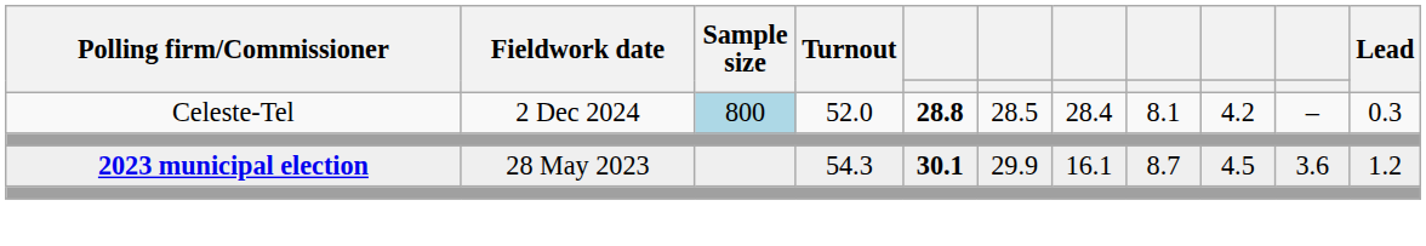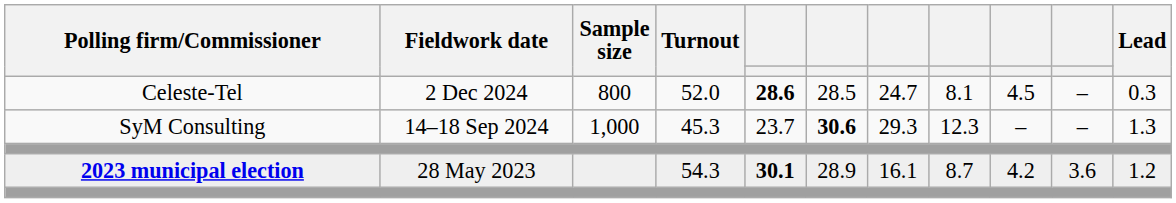 <table class="wikitable collapsible collapsed" style="text-align:center; font-size:95%; line-height:16px;">
 <tr style="height:42px;">
 <th style="width:250px;" rowspan="2">Polling firm/Commissioner</th>
 <th style="width:125px;" rowspan="2">Fieldwork date</th>
 <th style="width:50px;" rowspan="2">Sample size</th>
 <th style="width:45px;" rowspan="2">Turnout</th>
 <th style="width:35px;"></th>
 <th style="width:35px;"></th>
 <th style="width:35px;"></th>
 <th style="width:35px;"></th>
 <th style="width:35px;"></th>
 <th style="width:35px;"></th>
 <th style="width:30px;" rowspan="2">Lead</th>
 </tr>
 <tr>
 <th style="color:inherit;background:"></th>
 <th style="color:inherit;background:"></th>
 <th style="color:inherit;background:"></th>
 <th style="color:inherit;background:"></th>
 <th style="color:inherit;background:"></th>
 <th style="color:inherit;background:"></th>
 </tr>
 <tr>
 <td>Celeste-Tel</td>
 <td>2 Dec 2024</td>
-<td style="background: lightblue;">800</td>
+<td>800</td>
 <td>52.0</td>
-<td><strong>28.8</strong><br></td>
+<td><strong>28.6</strong><br></td>
 <td>28.5<br></td>
-<td>28.4<br></td>
+<td>24.7<br></td>
 <td>8.1<br></td>
-<td>4.2<br></td>
+<td>4.5<br></td>
 <td>–</td>
 <td style="background:">0.3</td>
+</tr>
+<tr>
+<td>SyM Consulting</td>
+<td>14–18 Sep 2024</td>
+<td>1,000</td>
+<td>45.3</td>
+<td>23.7<br></td>
+<td><strong>30.6</strong><br></td>
+<td>29.3<br></td>
+<td>12.3<br></td>
+<td>–</td>
+<td>–</td>
+<td style="background:">1.3</td>
 </tr>
 <tr>
 <td colspan="11" style="background:#A0A0A0"></td>
 </tr>
 <tr style="background:#EFEFEF;">
 <td><strong><a href='#'>2023 municipal election</a></strong></td>
 <td>28 May 2023</td>
 <td></td>
 <td>54.3</td>
 <td><strong>30.1</strong><br></td>
-<td>29.9<br></td>
+<td>28.9<br></td>
 <td>16.1<br></td>
 <td>8.7<br></td>
-<td>4.5<br></td>
+<td>4.2<br></td>
 <td>3.6<br></td>
 <td style="background:">1.2</td>
 </tr>
 <tr>
 <td colspan="11" style="background:#A0A0A0"></td>
 </tr>
 </table>
